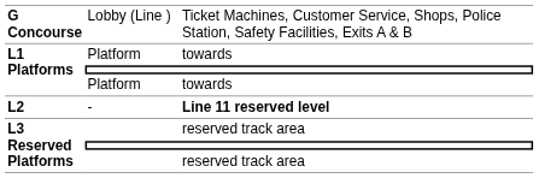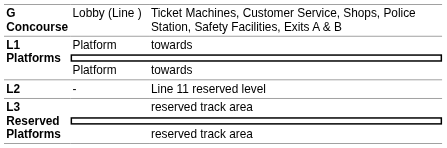 <table border=0 cellspacing=0 cellpadding=3>
 <tr>
 <td style="border-bottom:solid 1px gray; border-top:solid 1px gray;" width=50 valign=top><strong>G<br>Concourse</strong></td>
 <td style="border-bottom:solid 1px gray; border-top:solid 1px gray;" width=100 valign=top>Lobby (Line )</td>
 <td style="border-bottom:solid 1px gray; border-top:solid 1px gray;" width=390 valign=top>Ticket Machines, Customer Service, Shops, Police Station, Safety Facilities, Exits A & B</td>
 </tr>
 <tr>
 <td style="border-bottom:solid 1px gray;" rowspan=3 valign=top><strong>L1<br>Platforms</strong></td>
 <td>Platform </td>
 <td>  towards  </td>
 </tr>
 <tr>
 <td style="border-right:solid 2px black;border-left:solid 2px black;border-top:solid 2px black;border-bottom:solid 2px black;text-align:center;" colspan=2></td>
 </tr>
 <tr>
 <td style="border-bottom:solid 1px gray;">Platform </td>
 <td style="border-bottom:solid 1px gray;"> towards   </td>
 </tr>
 <tr>
 <td style="border-bottom:solid 1px gray;" valign=top><strong>L2</strong></td>
 <td style="border-bottom:solid 1px gray;" valign=top>-</td>
-<td style="border-bottom:solid 1px gray;" valign=top><strong>Line 11 reserved level</strong></td>
+<td style="border-bottom:solid 1px gray;" valign=top>Line 11 reserved level</td>
 </tr>
 <tr>
 <td style="border-bottom:solid 1px gray;" rowspan=3 valign=top><strong>L3<br>Reserved Platforms</strong></td>
 <td></td>
 <td> reserved track area</td>
 </tr>
 <tr>
 <td style="border-right:solid 2px black;border-left:solid 2px black;border-top:solid 2px black;border-bottom:solid 2px black;text-align:center;" colspan=2></td>
 </tr>
 <tr>
 <td style="border-bottom:solid 1px gray;"></td>
 <td style="border-bottom:solid 1px gray;"> reserved track area</td>
 </tr>
 </table>
